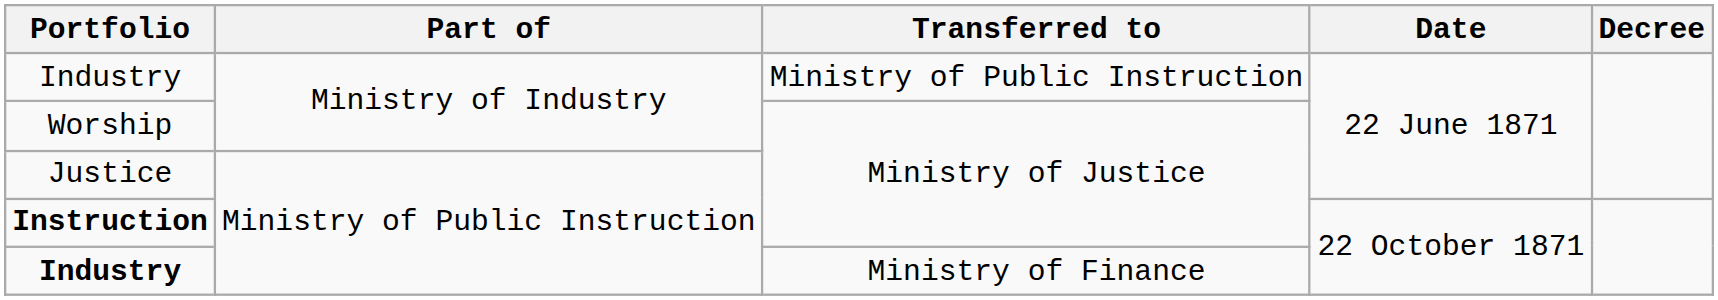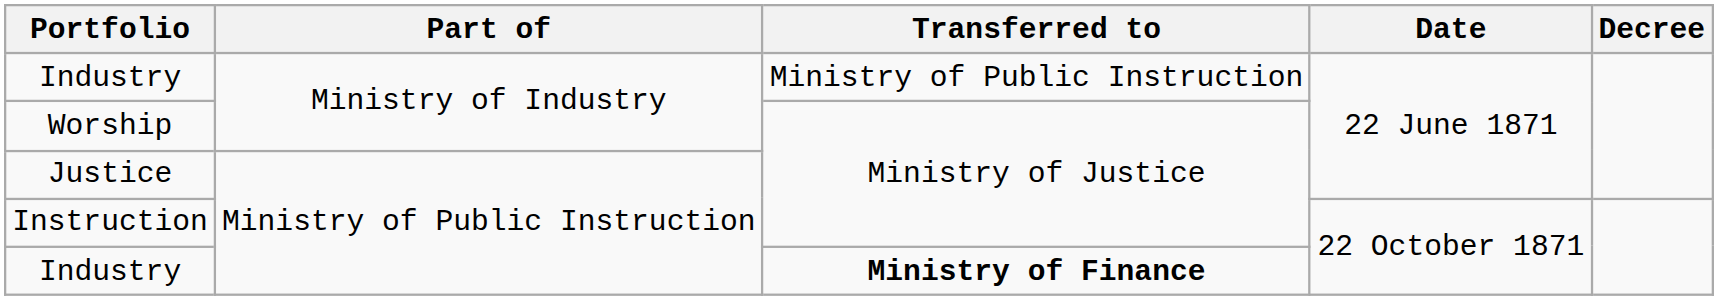 <table class="wikitable" style="text-align:center;">
 <tr>
 <th>Portfolio</th>
 <th>Part of</th>
 <th>Transferred to</th>
 <th>Date</th>
 <th>Decree</th>
 </tr>
 <tr>
 <td>Industry</td>
 <td rowspan=2>Ministry of Industry</td>
 <td>Ministry of Public Instruction</td>
 <td rowspan=3>22 June 1871</td>
 <td rowspan=3></td>
 </tr>
 <tr>
 <td>Worship</td>
 <td rowspan=3>Ministry of Justice</td>
 </tr>
 <tr>
 <td>Justice</td>
 <td rowspan=3>Ministry of Public Instruction</td>
 </tr>
 <tr>
-<td><strong>Instruction</strong></td>
+<td>Instruction</td>
 <td rowspan=2>22 October 1871</td>
 <td rowspan=2></td>
 </tr>
 <tr>
-<td><strong>Industry</strong></td>
-<td>Ministry of Finance</td>
+<td>Industry</td>
+<td><strong>Ministry of Finance</strong></td>
 </tr>
 </table>
